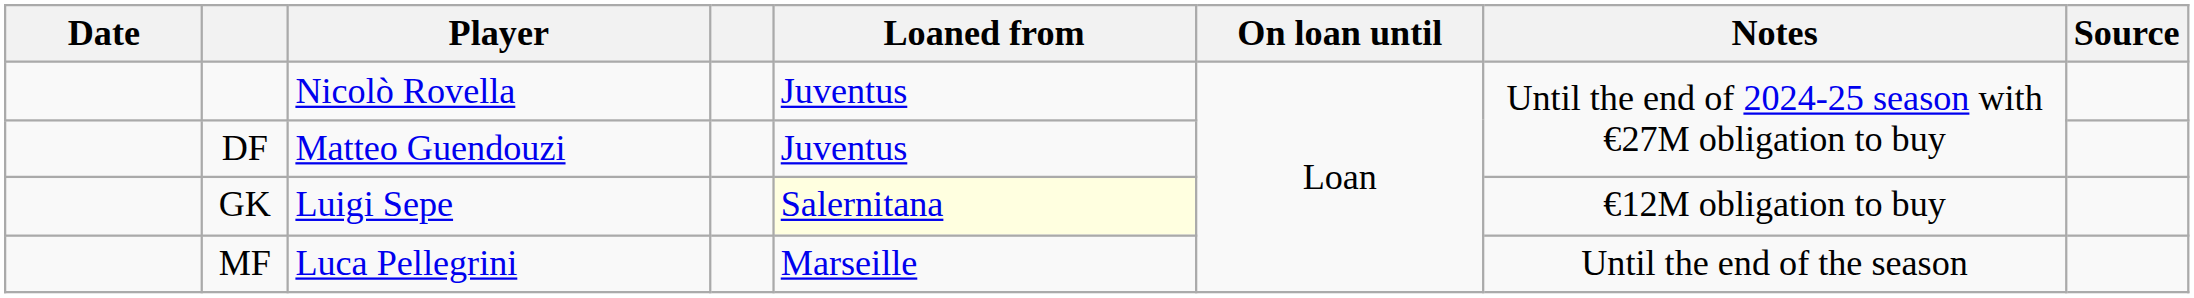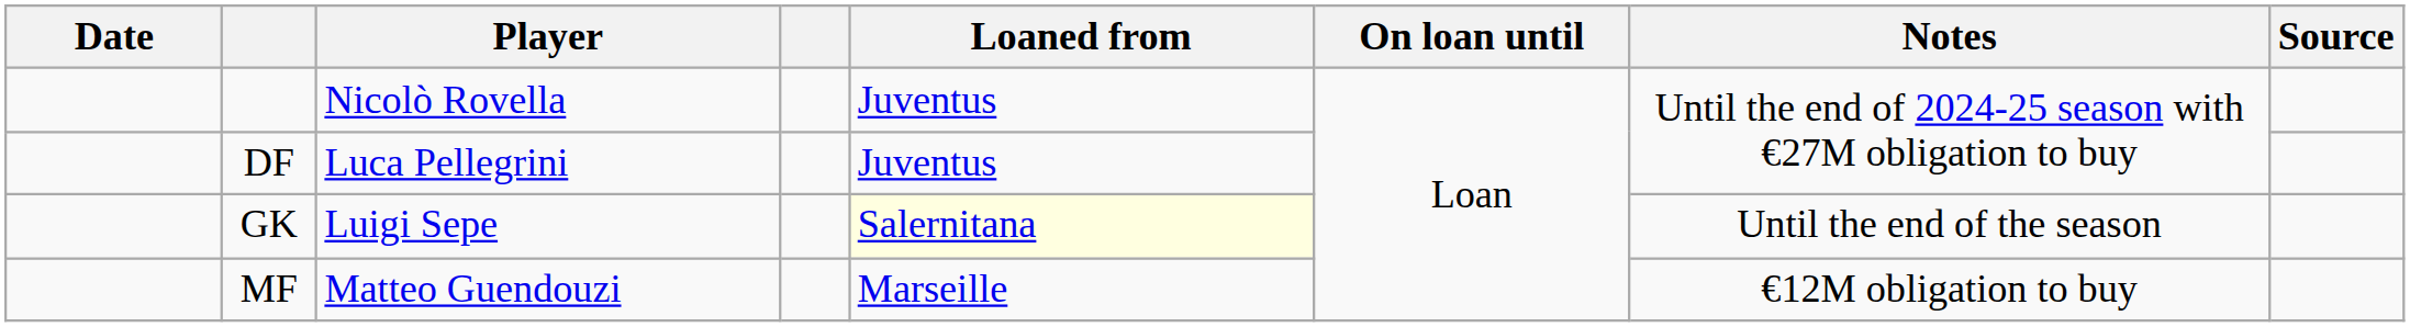 <table class="wikitable sortable">
 <tr>
 <th style="width:80px;">Date</th>
 <th style="width:30px;"></th>
 <th style="width:180px;">Player</th>
 <th style="width:20px;"></th>
 <th style="width:180px;">Loaned from</th>
 <th style="width:120px;" class="unsortable">On loan until</th>
 <th style="width:250px;" class="unsortable">Notes</th>
 <th style="width:20px;">Source</th>
 </tr>
 <tr>
 <td></td>
 <td rowspan=1 align=center></td>
 <td rowspan=1> <a href='#'>Nicolò Rovella</a></td>
 <td align=center></td>
 <td><a href='#'>Juventus</a></td>
 <td align=center rowspan=4>Loan</td>
 <td align=center rowspan=2>Until the end of <a href='#'>2024-25 season</a> with €27M obligation to buy</td>
 <td align=center></td>
 </tr>
 <tr>
 <td></td>
 <td align=center>DF</td>
-<td rowspan=1> <a href='#'>Matteo Guendouzi</a></td>
+<td> <a href='#'>Luca Pellegrini</a></td>
 <td align=center></td>
 <td><a href='#'>Juventus</a></td>
 <td align=center></td>
 </tr>
 <tr>
 <td></td>
 <td rowspan=1 align=center>GK</td>
 <td rowspan=1> <a href='#'>Luigi Sepe</a></td>
 <td align=center></td>
 <td style="background: lightyellow;"><a href='#'>Salernitana</a></td>
-<td align=center rowspan=1>€12M obligation to buy</td>
+<td align=center rowspan=1>Until the end of the season</td>
 <td align=center></td>
 </tr>
 <tr>
 <td></td>
 <td rowspan=1 align=center>MF</td>
-<td> <a href='#'>Luca Pellegrini</a></td>
+<td rowspan=1> <a href='#'>Matteo Guendouzi</a></td>
 <td align=center></td>
 <td> <a href='#'>Marseille</a></td>
-<td align=center rowspan=1>Until the end of the season</td>
+<td align=center rowspan=1>€12M obligation to buy</td>
 <td align=center></td>
 </tr>
 </table>
